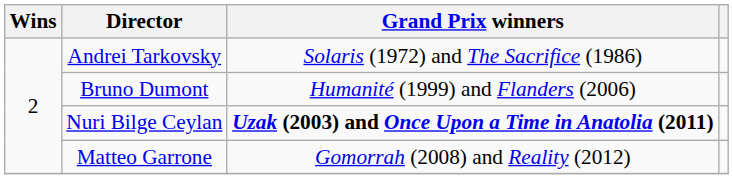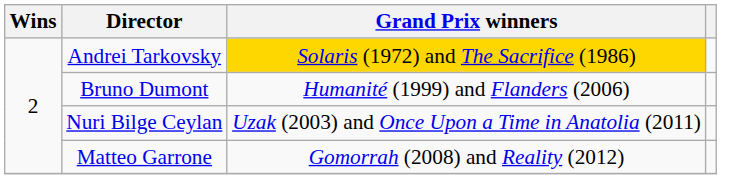 <table class="wikitable sortable" style="text-align: center">
 <tr>
 <th scope="col">Wins</th>
 <th scope="col">Director</th>
 <th scope="col"><a href='#'>Grand Prix</a> winners</th>
 <th scope="col" class="unsortable"></th>
 </tr>
 <tr>
 <td rowspan="4">2</td>
 <td><a href='#'>Andrei Tarkovsky</a></td>
-<td><em><a href='#'>Solaris</a></em> (1972) and <em><a href='#'>The Sacrifice</a></em> (1986)</td>
+<td style="background: gold;"><em><a href='#'>Solaris</a></em> (1972) and <em><a href='#'>The Sacrifice</a></em> (1986)</td>
 <td></td>
 </tr>
 <tr>
 <td><a href='#'>Bruno Dumont</a></td>
 <td><em><a href='#'>Humanité</a></em> (1999) and <em><a href='#'>Flanders</a></em> (2006)</td>
 <td></td>
 </tr>
 <tr>
 <td><a href='#'>Nuri Bilge Ceylan</a></td>
-<td><strong><em><a href='#'>Uzak</a></em> (2003) and <em><a href='#'>Once Upon a Time in Anatolia</a></em> (2011)</strong></td>
+<td><em><a href='#'>Uzak</a></em> (2003) and <em><a href='#'>Once Upon a Time in Anatolia</a></em> (2011)</td>
 <td></td>
 </tr>
 <tr>
 <td><a href='#'>Matteo Garrone</a></td>
 <td><em><a href='#'>Gomorrah</a></em> (2008) and <em><a href='#'>Reality</a></em> (2012)</td>
 <td></td>
 </tr>
 <tr>
 </tr>
 </table>
